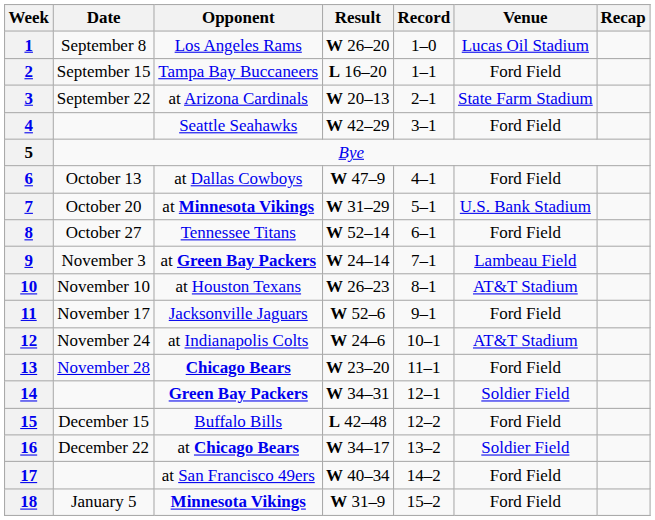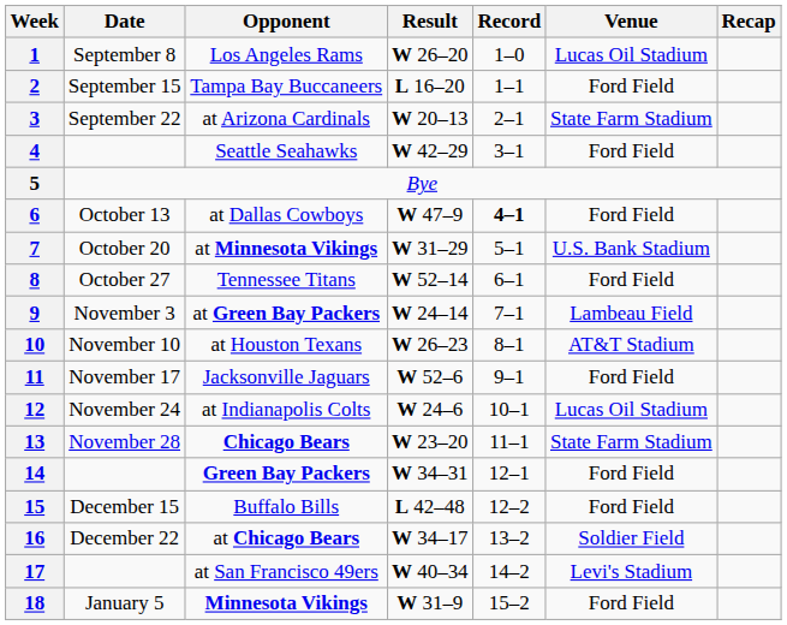 <table class="wikitable" style="text-align:center">
 <tr>
 <th>Week</th>
 <th>Date</th>
 <th>Opponent</th>
 <th>Result</th>
 <th>Record</th>
 <th>Venue</th>
 <th>Recap</th>
 </tr>
 <tr>
 <th><a href='#'>1</a></th>
 <td>September 8</td>
 <td><a href='#'>Los Angeles Rams</a></td>
 <td><strong>W</strong> 26–20 </td>
 <td>1–0</td>
 <td><a href='#'>Lucas Oil Stadium</a></td>
 <td></td>
 </tr>
 <tr>
 <th><a href='#'>2</a></th>
 <td>September 15</td>
 <td><a href='#'>Tampa Bay Buccaneers</a></td>
 <td><strong>L</strong> 16–20</td>
 <td>1–1</td>
 <td>Ford Field</td>
 <td></td>
 </tr>
 <tr>
 <th><a href='#'>3</a></th>
 <td>September 22</td>
 <td>at <a href='#'>Arizona Cardinals</a></td>
 <td><strong>W</strong> 20–13</td>
 <td>2–1</td>
 <td><a href='#'>State Farm Stadium</a></td>
 <td></td>
 </tr>
 <tr>
 <th><a href='#'>4</a></th>
 <td></td>
 <td><a href='#'>Seattle Seahawks</a></td>
 <td><strong>W</strong> 42–29</td>
 <td>3–1</td>
 <td>Ford Field</td>
 <td></td>
 </tr>
 <tr>
 <th>5</th>
 <td colspan="6"><em><a href='#'>Bye</a></em></td>
 </tr>
 <tr>
 <th><a href='#'>6</a></th>
 <td>October 13</td>
 <td>at <a href='#'>Dallas Cowboys</a></td>
 <td><strong>W</strong> 47–9</td>
-<td>4–1</td>
+<td><strong>4–1</strong></td>
 <td>Ford Field</td>
 <td></td>
 </tr>
 <tr>
 <th><a href='#'>7</a></th>
 <td>October 20</td>
 <td>at <strong><a href='#'>Minnesota Vikings</a></strong></td>
 <td><strong>W</strong> 31–29</td>
 <td>5–1</td>
 <td><a href='#'>U.S. Bank Stadium</a></td>
 <td></td>
 </tr>
 <tr>
 <th><a href='#'>8</a></th>
 <td>October 27</td>
 <td><a href='#'>Tennessee Titans</a></td>
 <td><strong>W</strong> 52–14</td>
 <td>6–1</td>
 <td>Ford Field</td>
 <td></td>
 </tr>
 <tr>
 <th><a href='#'>9</a></th>
 <td>November 3</td>
 <td>at <a href='#'><strong>Green Bay Packers</strong></a></td>
 <td><strong>W</strong> 24–14</td>
 <td>7–1</td>
 <td><a href='#'>Lambeau Field</a></td>
 <td></td>
 </tr>
 <tr>
 <th><a href='#'>10</a></th>
 <td>November 10</td>
 <td>at <a href='#'>Houston Texans</a></td>
 <td><strong>W</strong> 26–23</td>
 <td>8–1</td>
 <td><a href='#'>AT&T Stadium</a></td>
 <td></td>
 </tr>
 <tr>
 <th><a href='#'>11</a></th>
 <td>November 17</td>
 <td><a href='#'>Jacksonville Jaguars</a></td>
 <td><strong>W</strong> 52–6</td>
 <td>9–1</td>
 <td>Ford Field</td>
 <td></td>
 </tr>
 <tr>
 <th><a href='#'>12</a></th>
 <td>November 24</td>
 <td>at <a href='#'>Indianapolis Colts</a></td>
 <td><strong>W</strong> 24–6</td>
 <td>10–1</td>
-<td><a href='#'>AT&T Stadium</a></td>
+<td><a href='#'>Lucas Oil Stadium</a></td>
 <td></td>
 </tr>
 <tr>
 <th><a href='#'>13</a></th>
 <td><a href='#'>November 28</a></td>
 <td><strong><a href='#'>Chicago Bears</a></strong></td>
 <td><strong>W</strong> 23–20</td>
 <td>11–1</td>
-<td>Ford Field</td>
+<td><a href='#'>State Farm Stadium</a></td>
 <td></td>
 </tr>
 <tr>
 <th><a href='#'>14</a></th>
 <td></td>
 <td><strong><a href='#'>Green Bay Packers</a></strong></td>
 <td><strong>W</strong> 34–31</td>
 <td>12–1</td>
-<td><a href='#'>Soldier Field</a></td>
+<td>Ford Field</td>
 <td></td>
 </tr>
 <tr>
 <th><a href='#'>15</a></th>
 <td>December 15</td>
 <td><a href='#'>Buffalo Bills</a></td>
 <td><strong>L</strong> 42–48</td>
 <td>12–2</td>
 <td>Ford Field</td>
 <td></td>
 </tr>
 <tr>
 <th><a href='#'>16</a></th>
 <td>December 22</td>
 <td>at <strong><a href='#'>Chicago Bears</a></strong></td>
 <td><strong>W</strong> 34–17</td>
 <td>13–2</td>
 <td><a href='#'>Soldier Field</a></td>
 <td></td>
 </tr>
 <tr>
 <th><a href='#'>17</a></th>
 <td></td>
 <td>at <a href='#'>San Francisco 49ers</a></td>
 <td><strong>W</strong> 40–34</td>
 <td>14–2</td>
-<td>Ford Field</td>
+<td><a href='#'>Levi's Stadium</a></td>
 <td></td>
 </tr>
 <tr>
 <th><a href='#'>18</a></th>
 <td>January 5</td>
 <td><strong><a href='#'>Minnesota Vikings</a></strong></td>
 <td><strong>W</strong> 31–9</td>
 <td>15–2</td>
 <td>Ford Field</td>
 <td></td>
 </tr>
 </table>
